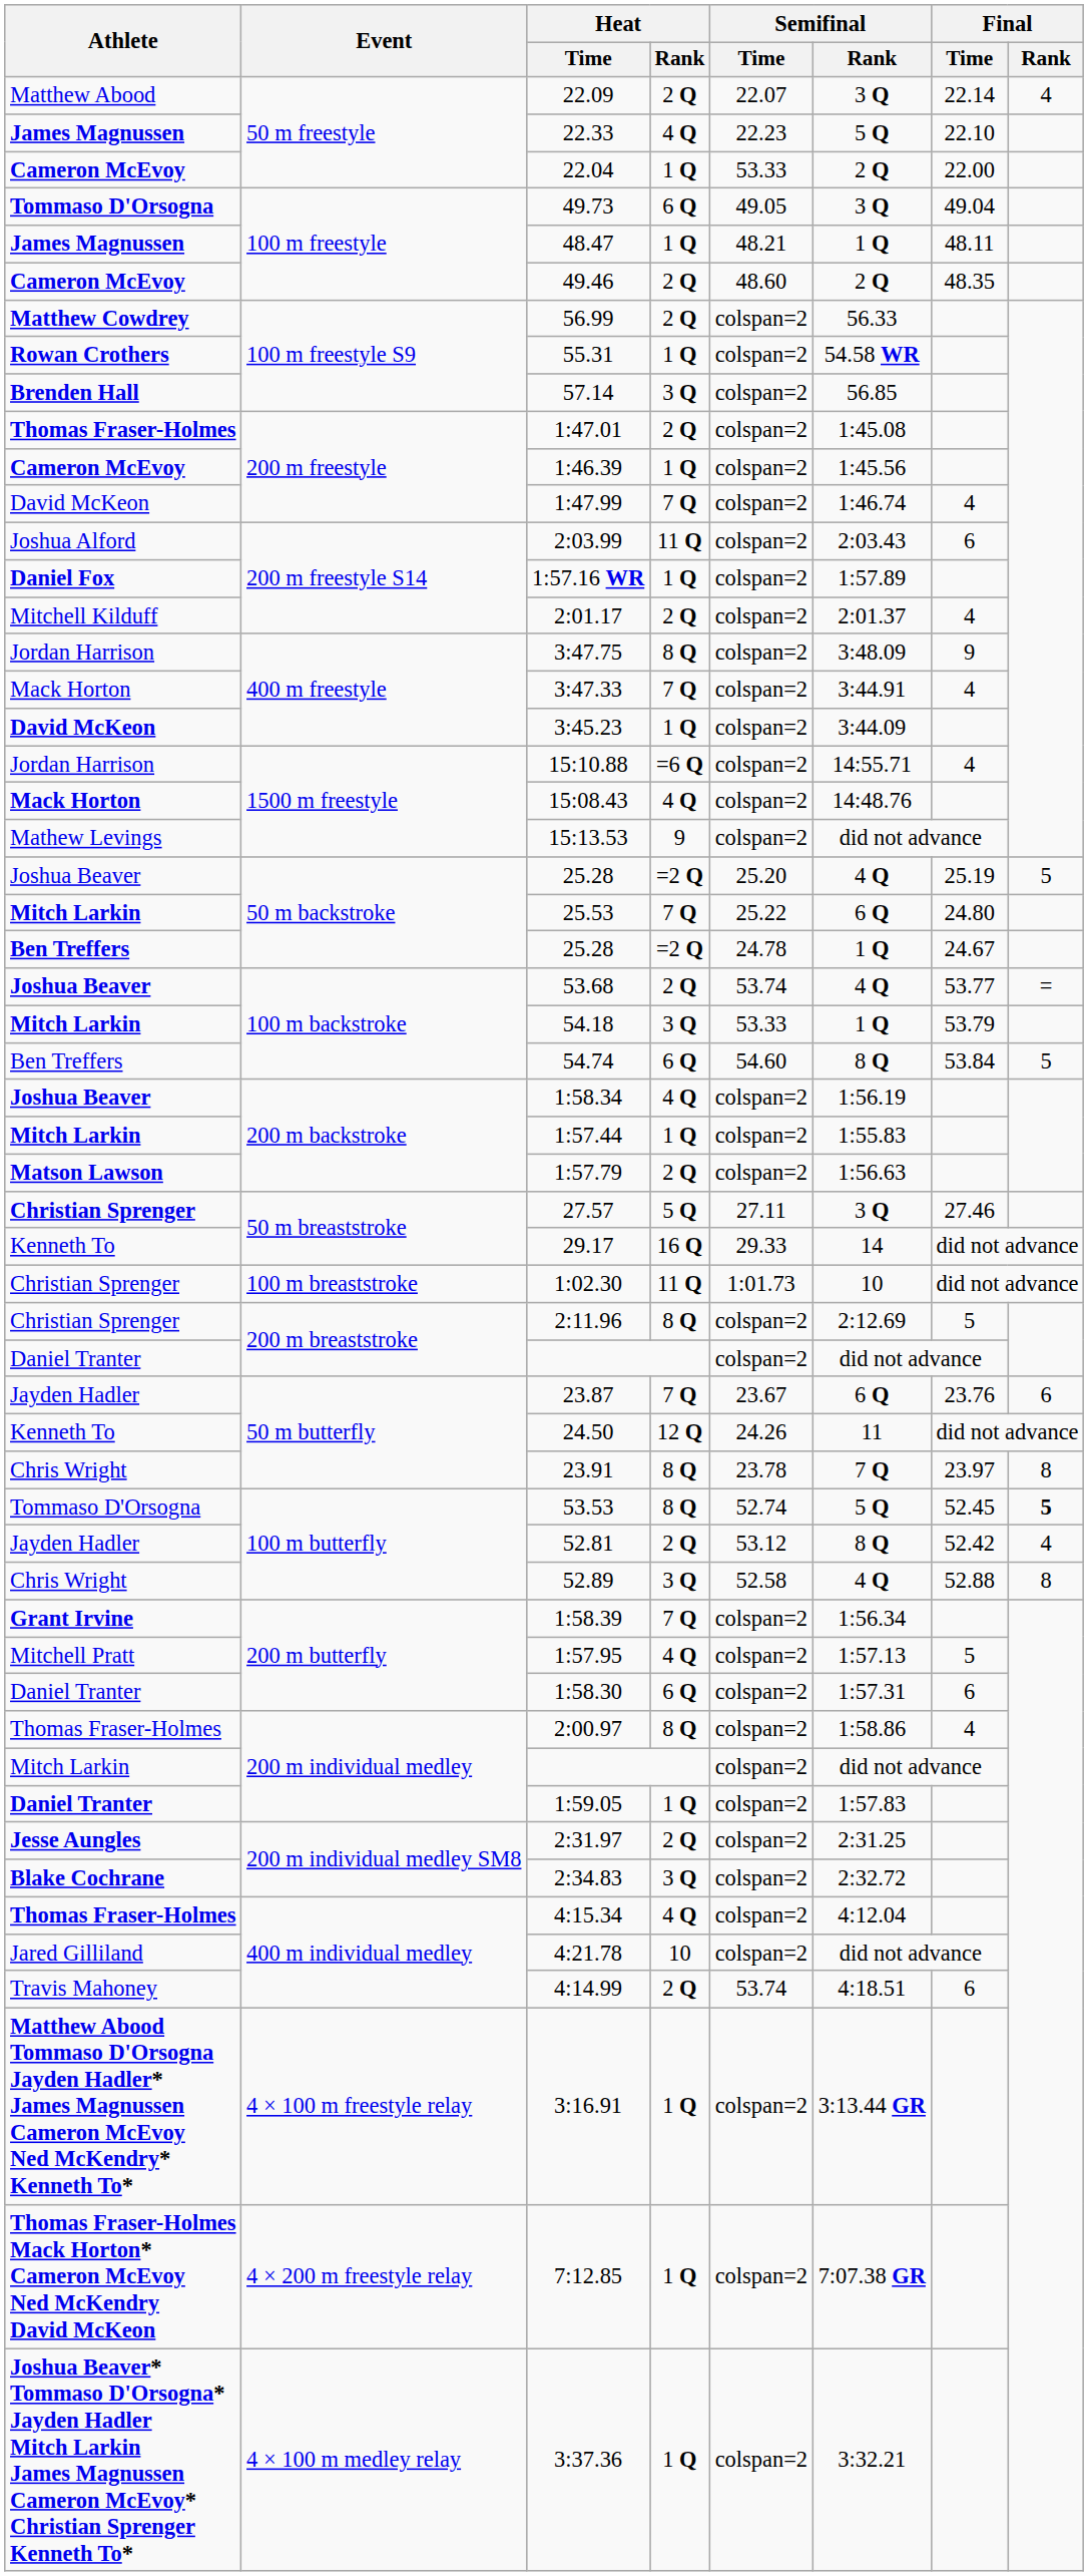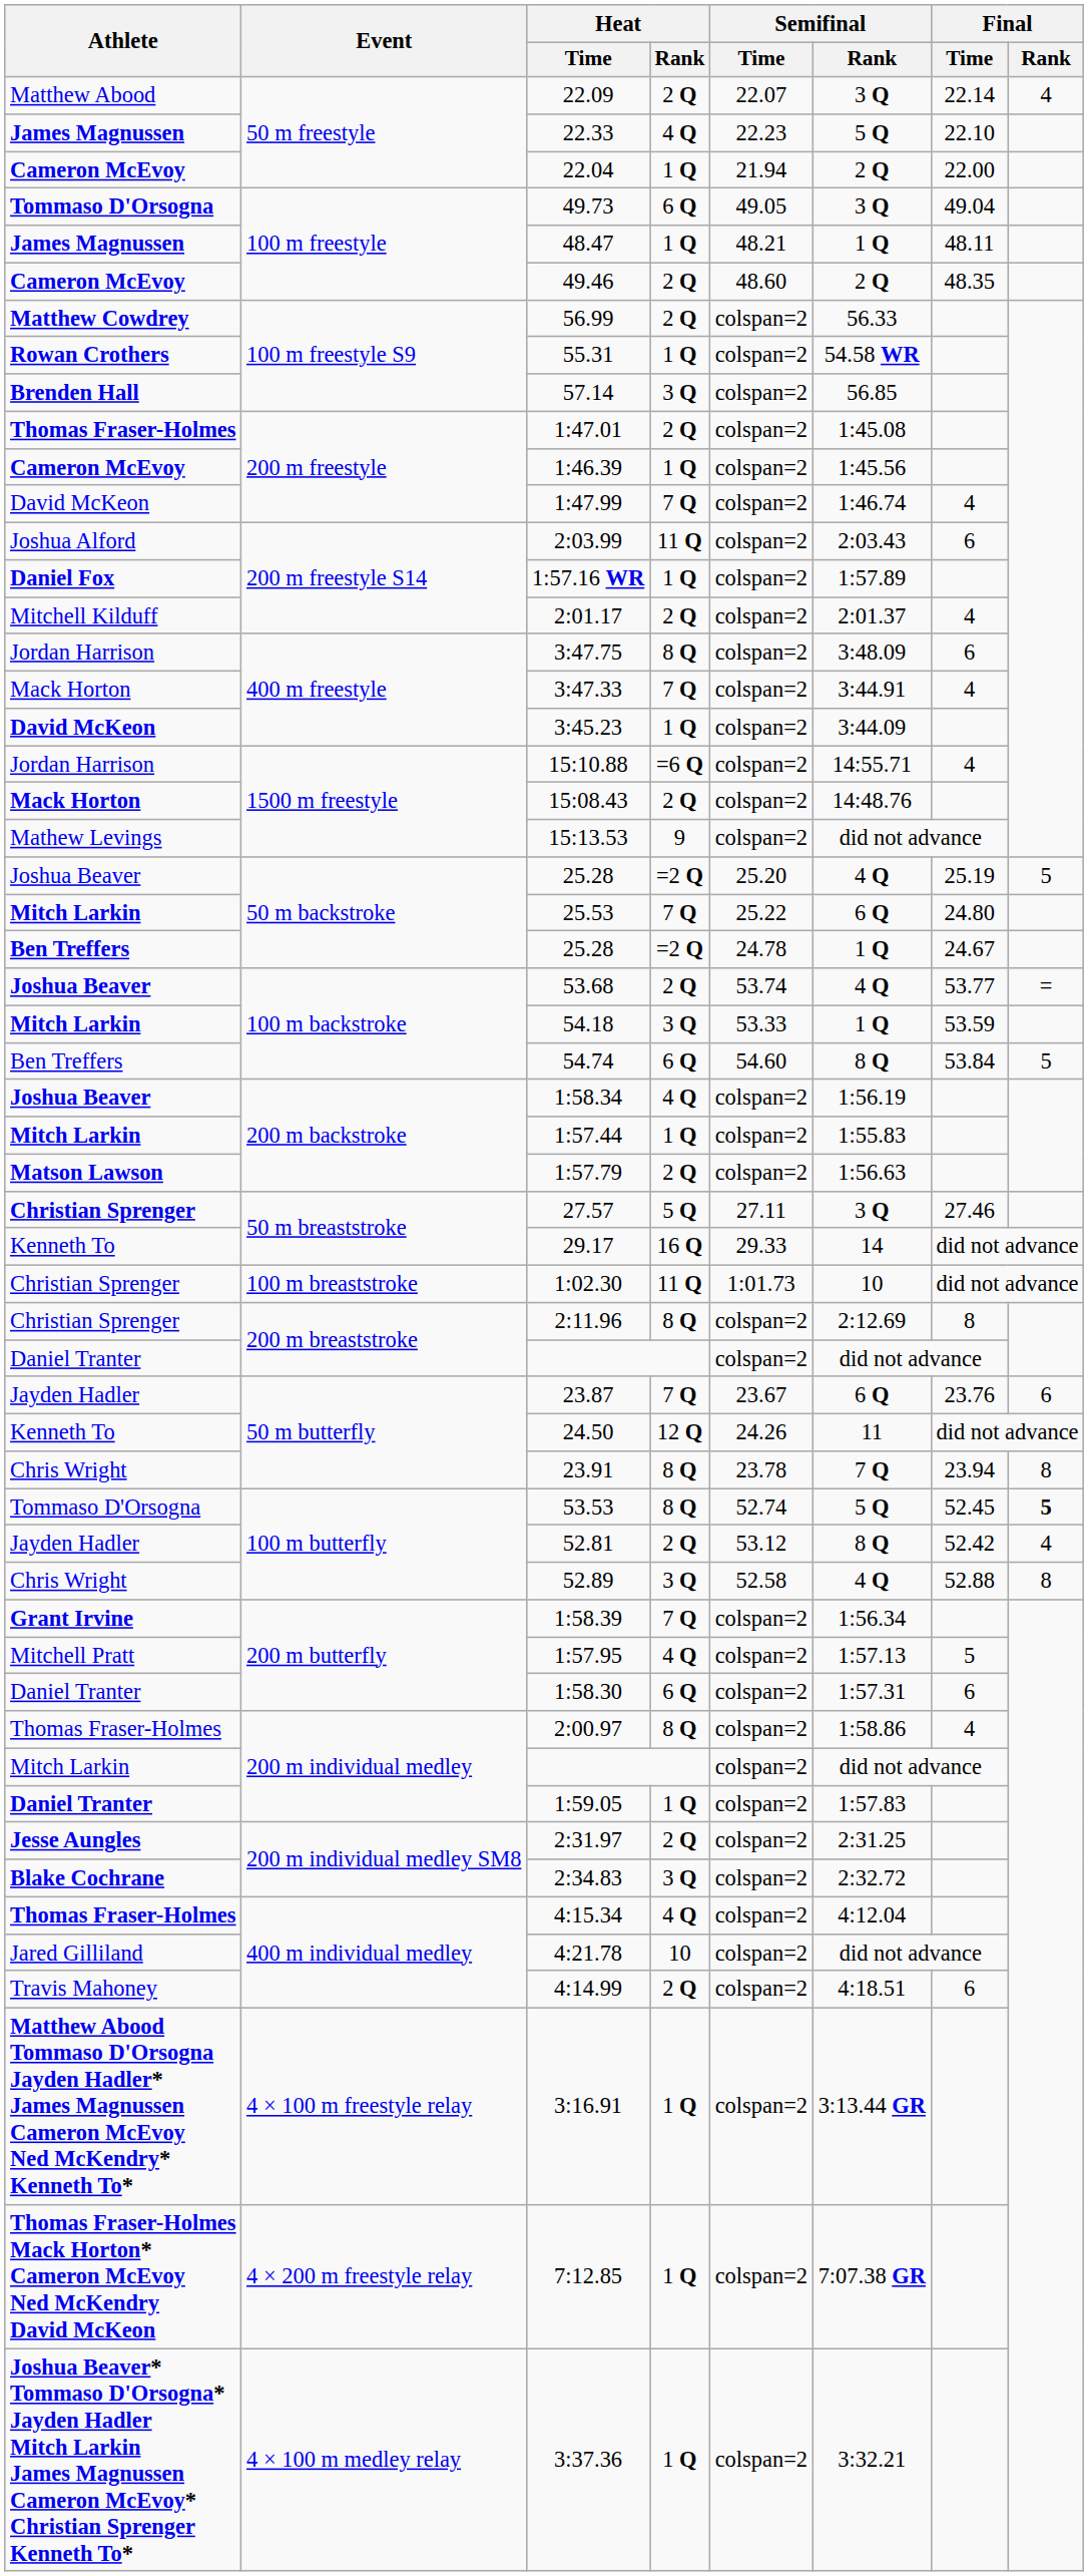 <table class=wikitable style=font-size:90%>
 <tr>
 <th rowspan=2>Athlete</th>
 <th rowspan=2>Event</th>
 <th colspan=2>Heat</th>
 <th colspan=2>Semifinal</th>
 <th colspan=2>Final</th>
 </tr>
 <tr style=font-size:95%>
 <th>Time</th>
 <th>Rank</th>
 <th>Time</th>
 <th>Rank</th>
 <th>Time</th>
 <th>Rank</th>
 </tr>
 <tr align=center>
 <td align=left><a href='#'>Matthew Abood</a></td>
 <td align=left rowspan=3><a href='#'>50 m freestyle</a></td>
 <td>22.09</td>
 <td>2 <strong>Q</strong></td>
 <td>22.07</td>
 <td>3 <strong>Q</strong></td>
 <td>22.14</td>
 <td>4</td>
 </tr>
 <tr align=center>
 <td align=left><strong><a href='#'>James Magnussen</a></strong></td>
 <td>22.33</td>
 <td>4 <strong>Q</strong></td>
 <td>22.23</td>
 <td>5 <strong>Q</strong></td>
 <td>22.10</td>
 <td></td>
 </tr>
 <tr align=center>
 <td align=left><strong><a href='#'>Cameron McEvoy</a></strong></td>
 <td>22.04</td>
 <td>1 <strong>Q</strong></td>
-<td>53.33</td>
+<td>21.94</td>
 <td>2 <strong>Q</strong></td>
 <td>22.00</td>
 <td></td>
 </tr>
 <tr align=center>
 <td align=left><strong><a href='#'>Tommaso D'Orsogna</a></strong></td>
 <td align=left rowspan=3><a href='#'>100 m freestyle</a></td>
 <td>49.73</td>
 <td>6 <strong>Q</strong></td>
 <td>49.05</td>
 <td>3 <strong>Q</strong></td>
 <td>49.04</td>
 <td></td>
 </tr>
 <tr align=center>
 <td align=left><strong><a href='#'>James Magnussen</a></strong></td>
 <td>48.47</td>
 <td>1 <strong>Q</strong></td>
 <td>48.21</td>
 <td>1 <strong>Q</strong></td>
 <td>48.11</td>
 <td></td>
 </tr>
 <tr align=center>
 <td align=left><strong><a href='#'>Cameron McEvoy</a></strong></td>
 <td>49.46</td>
 <td>2 <strong>Q</strong></td>
 <td>48.60</td>
 <td>2 <strong>Q</strong></td>
 <td>48.35</td>
 <td></td>
 </tr>
 <tr align=center>
 <td align=left><strong><a href='#'>Matthew Cowdrey</a></strong></td>
 <td align=left rowspan=3><a href='#'>100 m freestyle S9</a></td>
 <td>56.99</td>
 <td>2 <strong>Q</strong></td>
 <td>colspan=2 </td>
 <td>56.33</td>
 <td></td>
 </tr>
 <tr align=center>
 <td align=left><strong><a href='#'>Rowan Crothers</a></strong></td>
 <td>55.31</td>
 <td>1 <strong>Q</strong></td>
 <td>colspan=2 </td>
 <td>54.58 <strong><a href='#'>WR</a></strong></td>
 <td></td>
 </tr>
 <tr align=center>
 <td align=left><strong><a href='#'>Brenden Hall</a></strong></td>
 <td>57.14</td>
 <td>3 <strong>Q</strong></td>
 <td>colspan=2 </td>
 <td>56.85</td>
 <td></td>
 </tr>
 <tr align=center>
 <td align=left><strong><a href='#'>Thomas Fraser-Holmes</a></strong></td>
 <td align=left rowspan=3><a href='#'>200 m freestyle</a></td>
 <td>1:47.01</td>
 <td>2 <strong>Q</strong></td>
 <td>colspan=2 </td>
 <td>1:45.08</td>
 <td></td>
 </tr>
 <tr align=center>
 <td align=left><strong><a href='#'>Cameron McEvoy</a></strong></td>
 <td>1:46.39</td>
 <td>1 <strong>Q</strong></td>
 <td>colspan=2 </td>
 <td>1:45.56</td>
 <td></td>
 </tr>
 <tr align=center>
 <td align=left><a href='#'>David McKeon</a></td>
 <td>1:47.99</td>
 <td>7 <strong>Q</strong></td>
 <td>colspan=2 </td>
 <td>1:46.74</td>
 <td>4</td>
 </tr>
 <tr align=center>
 <td align=left><a href='#'>Joshua Alford</a></td>
 <td align=left rowspan=3><a href='#'>200 m freestyle S14</a></td>
 <td>2:03.99</td>
 <td>11 <strong>Q</strong></td>
 <td>colspan=2 </td>
 <td>2:03.43</td>
 <td>6</td>
 </tr>
 <tr align=center>
 <td align=left><strong><a href='#'>Daniel Fox</a></strong></td>
 <td>1:57.16 <strong><a href='#'>WR</a></strong></td>
 <td>1 <strong>Q</strong></td>
 <td>colspan=2 </td>
 <td>1:57.89</td>
 <td></td>
 </tr>
 <tr align=center>
 <td align=left><a href='#'>Mitchell Kilduff</a></td>
 <td>2:01.17</td>
 <td>2 <strong>Q</strong></td>
 <td>colspan=2 </td>
 <td>2:01.37</td>
 <td>4</td>
 </tr>
 <tr align=center>
 <td align=left><a href='#'>Jordan Harrison</a></td>
 <td align=left rowspan=3><a href='#'>400 m freestyle</a></td>
 <td>3:47.75</td>
 <td>8 <strong>Q</strong></td>
 <td>colspan=2 </td>
 <td>3:48.09</td>
-<td>9</td>
+<td>6</td>
 </tr>
 <tr align=center>
 <td align=left><a href='#'>Mack Horton</a></td>
 <td>3:47.33</td>
 <td>7 <strong>Q</strong></td>
 <td>colspan=2 </td>
 <td>3:44.91</td>
 <td>4</td>
 </tr>
 <tr align=center>
 <td align=left><strong><a href='#'>David McKeon</a></strong></td>
 <td>3:45.23</td>
 <td>1 <strong>Q</strong></td>
 <td>colspan=2 </td>
 <td>3:44.09</td>
 <td></td>
 </tr>
 <tr align=center>
 <td align=left><a href='#'>Jordan Harrison</a></td>
 <td align=left rowspan=3><a href='#'>1500 m freestyle</a></td>
 <td>15:10.88</td>
 <td>=6 <strong>Q</strong></td>
 <td>colspan=2 </td>
 <td>14:55.71</td>
 <td>4</td>
 </tr>
 <tr align=center>
 <td align=left><strong><a href='#'>Mack Horton</a></strong></td>
 <td>15:08.43</td>
-<td>4 <strong>Q</strong></td>
+<td>2 <strong>Q</strong></td>
 <td>colspan=2 </td>
 <td>14:48.76</td>
 <td></td>
 </tr>
 <tr align=center>
 <td align=left><a href='#'>Mathew Levings</a></td>
 <td>15:13.53</td>
 <td>9</td>
 <td>colspan=2 </td>
 <td colspan=2>did not advance</td>
 </tr>
 <tr align=center>
 <td align=left><a href='#'>Joshua Beaver</a></td>
 <td align=left rowspan=3><a href='#'>50 m backstroke</a></td>
 <td>25.28</td>
 <td>=2 <strong>Q</strong></td>
 <td>25.20</td>
 <td>4 <strong>Q</strong></td>
 <td>25.19</td>
 <td>5</td>
 </tr>
 <tr align=center>
 <td align=left><strong><a href='#'>Mitch Larkin</a></strong></td>
 <td>25.53</td>
 <td>7 <strong>Q</strong></td>
 <td>25.22</td>
 <td>6 <strong>Q</strong></td>
 <td>24.80</td>
 <td></td>
 </tr>
 <tr align=center>
 <td align=left><strong><a href='#'>Ben Treffers</a></strong></td>
 <td>25.28</td>
 <td>=2 <strong>Q</strong></td>
 <td>24.78</td>
 <td>1 <strong>Q</strong></td>
 <td>24.67</td>
 <td></td>
 </tr>
 <tr align=center>
 <td align=left><strong><a href='#'>Joshua Beaver</a></strong></td>
 <td align=left rowspan=3><a href='#'>100 m backstroke</a></td>
 <td>53.68</td>
 <td>2 <strong>Q</strong></td>
 <td>53.74</td>
 <td>4 <strong>Q</strong></td>
 <td>53.77</td>
 <td>=</td>
 </tr>
 <tr align=center>
 <td align=left><strong><a href='#'>Mitch Larkin</a></strong></td>
 <td>54.18</td>
 <td>3 <strong>Q</strong></td>
 <td>53.33</td>
 <td>1 <strong>Q</strong></td>
-<td>53.79</td>
+<td>53.59</td>
 <td></td>
 </tr>
 <tr align=center>
 <td align=left><a href='#'>Ben Treffers</a></td>
 <td>54.74</td>
 <td>6 <strong>Q</strong></td>
 <td>54.60</td>
 <td>8 <strong>Q</strong></td>
 <td>53.84</td>
 <td>5</td>
 </tr>
 <tr align=center>
 <td align=left><strong><a href='#'>Joshua Beaver</a></strong></td>
 <td align=left rowspan=3><a href='#'>200 m backstroke</a></td>
 <td>1:58.34</td>
 <td>4 <strong>Q</strong></td>
 <td>colspan=2 </td>
 <td>1:56.19</td>
 <td></td>
 </tr>
 <tr align=center>
 <td align=left><strong><a href='#'>Mitch Larkin</a></strong></td>
 <td>1:57.44</td>
 <td>1 <strong>Q</strong></td>
 <td>colspan=2 </td>
 <td>1:55.83</td>
 <td></td>
 </tr>
 <tr align=center>
 <td align=left><strong><a href='#'>Matson Lawson</a></strong></td>
 <td>1:57.79</td>
 <td>2 <strong>Q</strong></td>
 <td>colspan=2 </td>
 <td>1:56.63</td>
 <td></td>
 </tr>
 <tr align=center>
 <td align=left><strong><a href='#'>Christian Sprenger</a></strong></td>
 <td align=left rowspan=2><a href='#'>50 m breaststroke</a></td>
 <td>27.57</td>
 <td>5 <strong>Q</strong></td>
 <td>27.11</td>
 <td>3 <strong>Q</strong></td>
 <td>27.46</td>
 <td></td>
 </tr>
 <tr align=center>
 <td align=left><a href='#'>Kenneth To</a></td>
 <td>29.17</td>
 <td>16 <strong>Q</strong></td>
 <td>29.33</td>
 <td>14</td>
 <td colspan=2>did not advance</td>
 </tr>
 <tr align=center>
 <td align=left><a href='#'>Christian Sprenger</a></td>
 <td align=left><a href='#'>100 m breaststroke</a></td>
 <td>1:02.30</td>
 <td>11 <strong>Q</strong></td>
 <td>1:01.73</td>
 <td>10</td>
 <td colspan=2>did not advance</td>
 </tr>
 <tr align=center>
 <td align=left><a href='#'>Christian Sprenger</a></td>
 <td align=left rowspan=2><a href='#'>200 m breaststroke</a></td>
 <td>2:11.96</td>
 <td>8 <strong>Q</strong></td>
 <td>colspan=2 </td>
 <td>2:12.69</td>
-<td>5</td>
+<td>8</td>
 </tr>
 <tr align=center>
 <td align=left><a href='#'>Daniel Tranter</a></td>
 <td colspan=2></td>
 <td>colspan=2 </td>
 <td colspan=2>did not advance</td>
 </tr>
 <tr align=center>
 <td align=left><a href='#'>Jayden Hadler</a></td>
 <td align=left rowspan=3><a href='#'>50 m butterfly</a></td>
 <td>23.87</td>
 <td>7 <strong>Q</strong></td>
 <td>23.67</td>
 <td>6 <strong>Q</strong></td>
 <td>23.76</td>
 <td>6</td>
 </tr>
 <tr align=center>
 <td align=left><a href='#'>Kenneth To</a></td>
 <td>24.50</td>
 <td>12 <strong>Q</strong></td>
 <td>24.26</td>
 <td>11</td>
 <td colspan=2>did not advance</td>
 </tr>
 <tr align=center>
 <td align=left><a href='#'>Chris Wright</a></td>
 <td>23.91</td>
 <td>8 <strong>Q</strong></td>
 <td>23.78</td>
 <td>7 <strong>Q</strong></td>
-<td>23.97</td>
+<td>23.94</td>
 <td>8</td>
 </tr>
 <tr align=center>
 <td align=left><a href='#'>Tommaso D'Orsogna</a></td>
 <td align=left rowspan=3><a href='#'>100 m butterfly</a></td>
 <td>53.53</td>
 <td>8 <strong>Q</strong></td>
 <td>52.74</td>
 <td>5 <strong>Q</strong></td>
 <td>52.45</td>
 <td><strong>5</strong></td>
 </tr>
 <tr align=center>
 <td align=left><a href='#'>Jayden Hadler</a></td>
 <td>52.81</td>
 <td>2 <strong>Q</strong></td>
 <td>53.12</td>
 <td>8 <strong>Q</strong></td>
 <td>52.42</td>
 <td>4</td>
 </tr>
 <tr align=center>
 <td align=left><a href='#'>Chris Wright</a></td>
 <td>52.89</td>
 <td>3 <strong>Q</strong></td>
 <td>52.58</td>
 <td>4 <strong>Q</strong></td>
 <td>52.88</td>
 <td>8</td>
 </tr>
 <tr align=center>
 <td align=left><strong><a href='#'>Grant Irvine</a></strong></td>
 <td align=left rowspan=3><a href='#'>200 m butterfly</a></td>
 <td>1:58.39</td>
 <td>7 <strong>Q</strong></td>
 <td>colspan=2 </td>
 <td>1:56.34</td>
 <td></td>
 </tr>
 <tr align=center>
 <td align=left><a href='#'>Mitchell Pratt</a></td>
 <td>1:57.95</td>
 <td>4 <strong>Q</strong></td>
 <td>colspan=2 </td>
 <td>1:57.13</td>
 <td>5</td>
 </tr>
 <tr align=center>
 <td align=left><a href='#'>Daniel Tranter</a></td>
 <td>1:58.30</td>
 <td>6 <strong>Q</strong></td>
 <td>colspan=2 </td>
 <td>1:57.31</td>
 <td>6</td>
 </tr>
 <tr align=center>
 <td align=left><a href='#'>Thomas Fraser-Holmes</a></td>
 <td align=left rowspan=3><a href='#'>200 m individual medley</a></td>
 <td>2:00.97</td>
 <td>8 <strong>Q</strong></td>
 <td>colspan=2 </td>
 <td>1:58.86</td>
 <td>4</td>
 </tr>
 <tr align=center>
 <td align=left><a href='#'>Mitch Larkin</a></td>
 <td colspan=2></td>
 <td>colspan=2 </td>
 <td colspan=2>did not advance</td>
 </tr>
 <tr align=center>
 <td align=left><strong><a href='#'>Daniel Tranter</a></strong></td>
 <td>1:59.05</td>
 <td>1 <strong>Q</strong></td>
 <td>colspan=2 </td>
 <td>1:57.83</td>
 <td></td>
 </tr>
 <tr align=center>
 <td align=left><strong><a href='#'>Jesse Aungles</a></strong></td>
 <td align=left rowspan=2><a href='#'>200 m individual medley SM8</a></td>
 <td>2:31.97</td>
 <td>2 <strong>Q</strong></td>
 <td>colspan=2 </td>
 <td>2:31.25</td>
 <td></td>
 </tr>
 <tr align=center>
 <td align=left><strong><a href='#'>Blake Cochrane</a></strong></td>
 <td>2:34.83</td>
 <td>3 <strong>Q</strong></td>
 <td>colspan=2 </td>
 <td>2:32.72</td>
 <td></td>
 </tr>
 <tr align=center>
 <td align=left><strong><a href='#'>Thomas Fraser-Holmes</a></strong></td>
 <td align=left rowspan=3><a href='#'>400 m individual medley</a></td>
 <td>4:15.34</td>
 <td>4 <strong>Q</strong></td>
 <td>colspan=2 </td>
 <td>4:12.04</td>
 <td></td>
 </tr>
 <tr align=center>
 <td align=left><a href='#'>Jared Gilliland</a></td>
 <td>4:21.78</td>
 <td>10</td>
 <td>colspan=2 </td>
 <td colspan=2>did not advance</td>
 </tr>
 <tr align=center>
 <td align=left><a href='#'>Travis Mahoney</a></td>
 <td>4:14.99</td>
 <td>2 <strong>Q</strong></td>
-<td>53.74</td>
+<td>colspan=2 </td>
 <td>4:18.51</td>
 <td>6</td>
 </tr>
 <tr align=center>
 <td align=left><strong><a href='#'>Matthew Abood</a><br><a href='#'>Tommaso D'Orsogna</a><br><a href='#'>Jayden Hadler</a>*<br><a href='#'>James Magnussen</a><br><a href='#'>Cameron McEvoy</a><br><a href='#'>Ned McKendry</a>*<br><a href='#'>Kenneth To</a>*</strong></td>
 <td align=left><a href='#'>4 × 100 m freestyle relay</a></td>
 <td>3:16.91</td>
 <td>1 <strong>Q</strong></td>
 <td>colspan=2 </td>
 <td>3:13.44  <strong><a href='#'>GR</a></strong></td>
 <td></td>
 </tr>
 <tr align=center>
 <td align=left><strong><a href='#'>Thomas Fraser-Holmes</a><br><a href='#'>Mack Horton</a>*<br><a href='#'>Cameron McEvoy</a><br><a href='#'>Ned McKendry</a><br><a href='#'>David McKeon</a></strong></td>
 <td align=left><a href='#'>4 × 200 m freestyle relay</a></td>
 <td>7:12.85</td>
 <td>1 <strong>Q</strong></td>
 <td>colspan=2 </td>
 <td>7:07.38 <strong><a href='#'>GR</a></strong></td>
 <td></td>
 </tr>
 <tr align=center>
 <td align=left><strong><a href='#'>Joshua Beaver</a>*<br><a href='#'>Tommaso D'Orsogna</a>*<br><a href='#'>Jayden Hadler</a><br><a href='#'>Mitch Larkin</a><br><a href='#'>James Magnussen</a><br><a href='#'>Cameron McEvoy</a>*<br><a href='#'>Christian Sprenger</a><br><a href='#'>Kenneth To</a>*</strong></td>
 <td align=left><a href='#'>4 × 100 m medley relay</a></td>
 <td>3:37.36</td>
 <td>1 <strong>Q</strong></td>
 <td>colspan=2 </td>
 <td>3:32.21</td>
 <td></td>
 </tr>
 </table>
